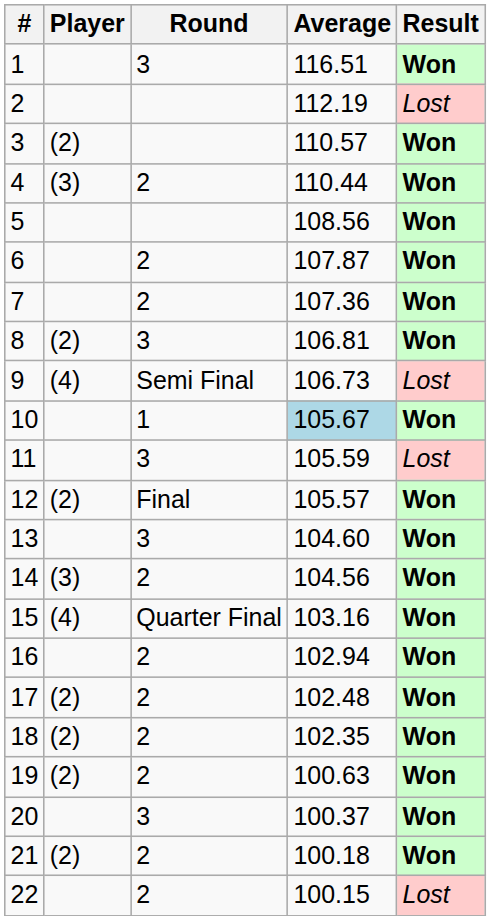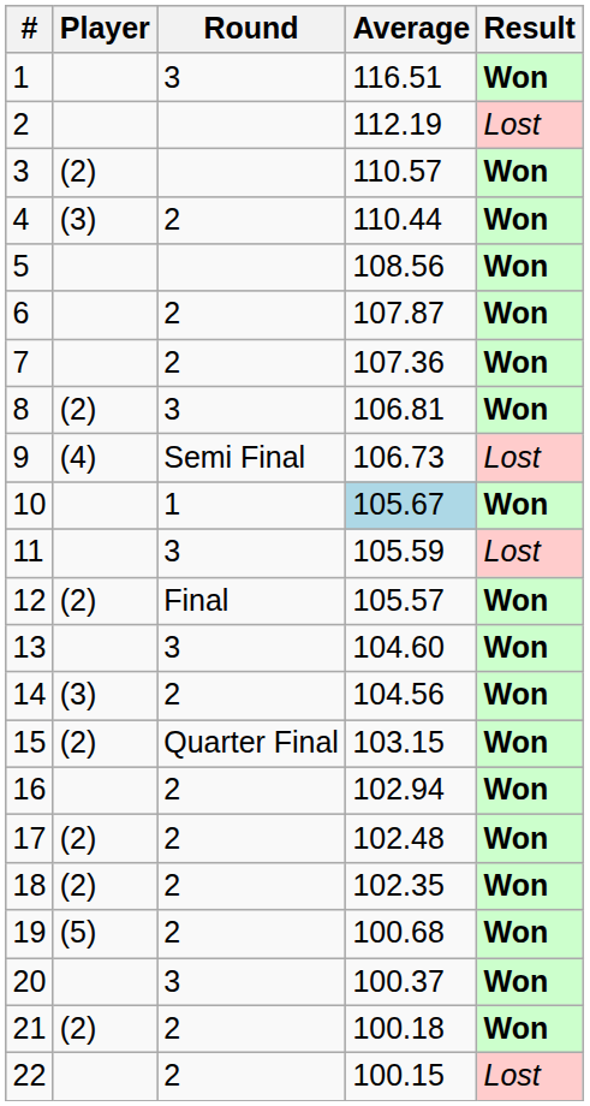 <table class ="wikitable sortable">
 <tr>
 <th>#</th>
 <th>Player</th>
 <th>Round</th>
 <th>Average</th>
 <th>Result</th>
 </tr>
 <tr>
 <td>1</td>
 <td></td>
 <td>3</td>
 <td>116.51</td>
 <td style="background:#CCFFCC;"><strong>Won</strong></td>
 </tr>
 <tr>
 <td>2</td>
 <td></td>
 <td></td>
 <td>112.19</td>
 <td style="background:#FFccCC;"><em>Lost</em></td>
 </tr>
 <tr>
 <td>3</td>
 <td> (2)</td>
 <td></td>
 <td>110.57</td>
 <td style="background:#CCFFCC;"><strong>Won</strong></td>
 </tr>
 <tr>
 <td>4</td>
 <td> (3)</td>
 <td>2</td>
 <td>110.44</td>
 <td style="background:#CCFFCC;"><strong>Won</strong></td>
 </tr>
 <tr>
 <td>5</td>
 <td></td>
 <td></td>
 <td>108.56</td>
 <td style="background:#CCFFCC;"><strong>Won</strong></td>
 </tr>
 <tr>
 <td>6</td>
 <td></td>
 <td>2</td>
 <td>107.87</td>
 <td style="background:#CCFFCC;"><strong>Won</strong></td>
 </tr>
 <tr>
 <td>7</td>
 <td></td>
 <td>2</td>
 <td>107.36</td>
 <td style="background:#CCFFCC;"><strong>Won</strong></td>
 </tr>
 <tr>
 <td>8</td>
 <td> (2)</td>
 <td>3</td>
 <td>106.81</td>
 <td style="background:#CCFFCC;"><strong>Won</strong></td>
 </tr>
 <tr>
 <td>9</td>
 <td> (4)</td>
 <td>Semi Final</td>
 <td>106.73</td>
 <td style="background:#FFccCC;"><em>Lost</em></td>
 </tr>
 <tr>
 <td>10</td>
 <td></td>
 <td>1</td>
 <td style="background: lightblue;">105.67</td>
 <td style="background:#CCFFCC;"><strong>Won</strong></td>
 </tr>
 <tr>
 <td>11</td>
 <td></td>
 <td>3</td>
 <td>105.59</td>
 <td style="background:#FFccCC;"><em>Lost</em></td>
 </tr>
 <tr>
 <td>12</td>
 <td> (2)</td>
 <td>Final</td>
 <td>105.57</td>
 <td style="background:#CCFFCC;"><strong>Won</strong></td>
 </tr>
 <tr>
 <td>13</td>
 <td></td>
 <td>3</td>
 <td>104.60</td>
 <td style="background:#CCFFCC;"><strong>Won</strong></td>
 </tr>
 <tr>
 <td>14</td>
 <td> (3)</td>
 <td>2</td>
 <td>104.56</td>
 <td style="background:#CCFFCC;"><strong>Won</strong></td>
 </tr>
 <tr>
 <td>15</td>
-<td> (4)</td>
+<td> (2)</td>
 <td>Quarter Final</td>
-<td>103.16</td>
+<td>103.15</td>
 <td style="background:#CCFFCC;"><strong>Won</strong></td>
 </tr>
 <tr>
 <td>16</td>
 <td></td>
 <td>2</td>
 <td>102.94</td>
 <td style="background:#CCFFCC;"><strong>Won</strong></td>
 </tr>
 <tr>
 <td>17</td>
 <td> (2)</td>
 <td>2</td>
 <td>102.48</td>
 <td style="background:#CCFFCC;"><strong>Won</strong></td>
 </tr>
 <tr>
 <td>18</td>
 <td> (2)</td>
 <td>2</td>
 <td>102.35</td>
 <td style="background:#CCFFCC;"><strong>Won</strong></td>
 </tr>
 <tr>
 <td>19</td>
-<td> (2)</td>
+<td> (5)</td>
 <td>2</td>
-<td>100.63</td>
+<td>100.68</td>
 <td style="background:#CCFFCC;"><strong>Won</strong></td>
 </tr>
 <tr>
 <td>20</td>
 <td></td>
 <td>3</td>
 <td>100.37</td>
 <td style="background:#CCFFCC;"><strong>Won</strong></td>
 </tr>
 <tr>
 <td>21</td>
 <td> (2)</td>
 <td>2</td>
 <td>100.18</td>
 <td style="background:#CCFFCC;"><strong>Won</strong></td>
 </tr>
 <tr>
 <td>22</td>
 <td></td>
 <td>2</td>
 <td>100.15</td>
 <td style="background:#FFccCC;"><em>Lost</em></td>
 </tr>
 </table>
